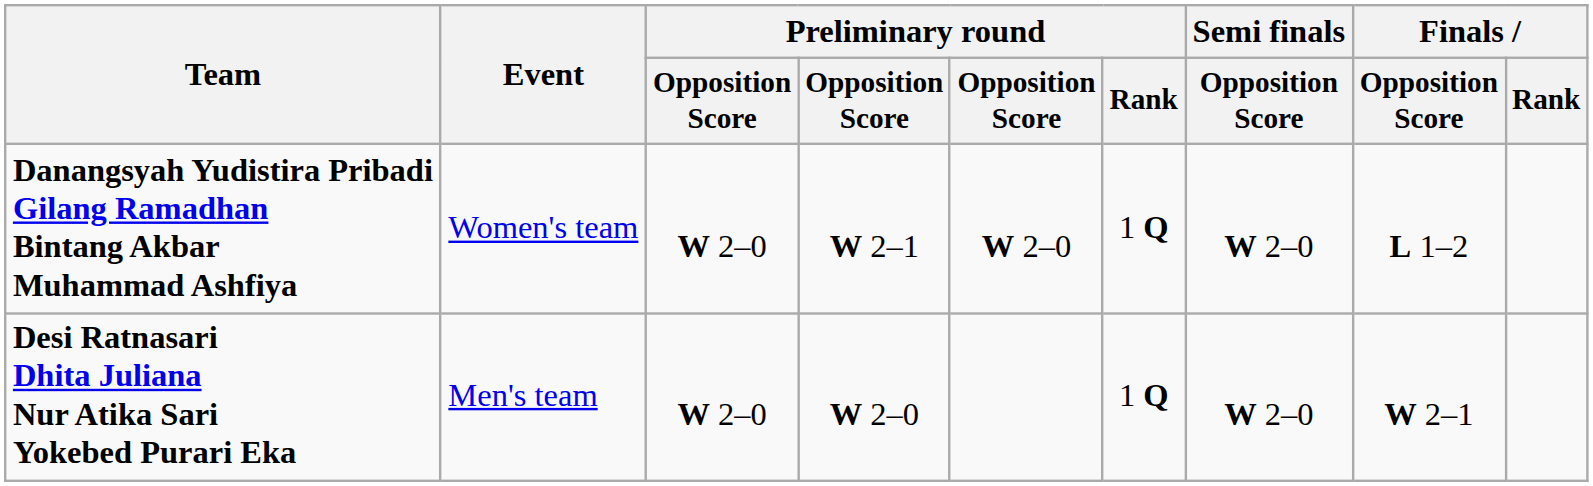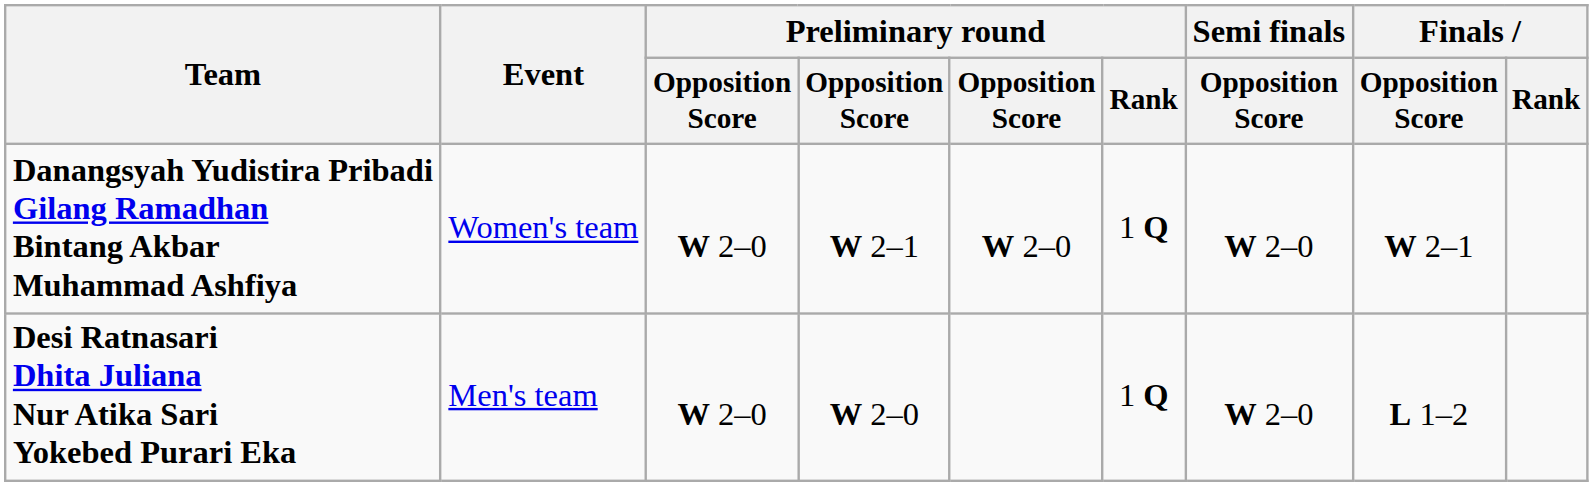 <table class="wikitable" style="font-size:85%">
 <tr>
 <th rowspan=2>Team</th>
 <th rowspan=2>Event</th>
 <th colspan=4>Preliminary round</th>
 <th>Semi finals</th>
 <th colspan=2>Finals / </th>
 </tr>
 <tr style="font-size:90%">
 <th>Opposition<br>Score</th>
 <th>Opposition<br>Score</th>
 <th>Opposition<br>Score</th>
 <th>Rank</th>
 <th>Opposition<br>Score</th>
 <th>Opposition<br>Score</th>
 <th>Rank</th>
 </tr>
 <tr align=center>
 <td align=left><strong>Danangsyah Yudistira Pribadi<br><a href='#'>Gilang Ramadhan</a><br>Bintang Akbar<br>Muhammad Ashfiya</strong></td>
 <td align=left><a href='#'>Women's team</a></td>
 <td><br><strong>W</strong> 2–0</td>
 <td><br><strong>W</strong> 2–1</td>
 <td><br><strong>W</strong> 2–0</td>
 <td>1 <strong>Q</strong></td>
 <td><br><strong>W</strong> 2–0</td>
-<td><br><strong>L</strong> 1–2</td>
+<td><br><strong>W</strong> 2–1</td>
 <td></td>
 </tr>
 <tr align=center>
 <td align=left><strong>Desi Ratnasari<br><a href='#'>Dhita Juliana</a><br>Nur Atika Sari<br>Yokebed Purari Eka</strong></td>
 <td align=left><a href='#'>Men's team</a></td>
 <td><br><strong>W</strong> 2–0</td>
 <td><br><strong>W</strong> 2–0</td>
 <td></td>
 <td>1 <strong>Q</strong></td>
 <td><br><strong>W</strong> 2–0</td>
-<td><br><strong>W</strong> 2–1</td>
+<td><br><strong>L</strong> 1–2</td>
 <td></td>
 </tr>
 </table>
